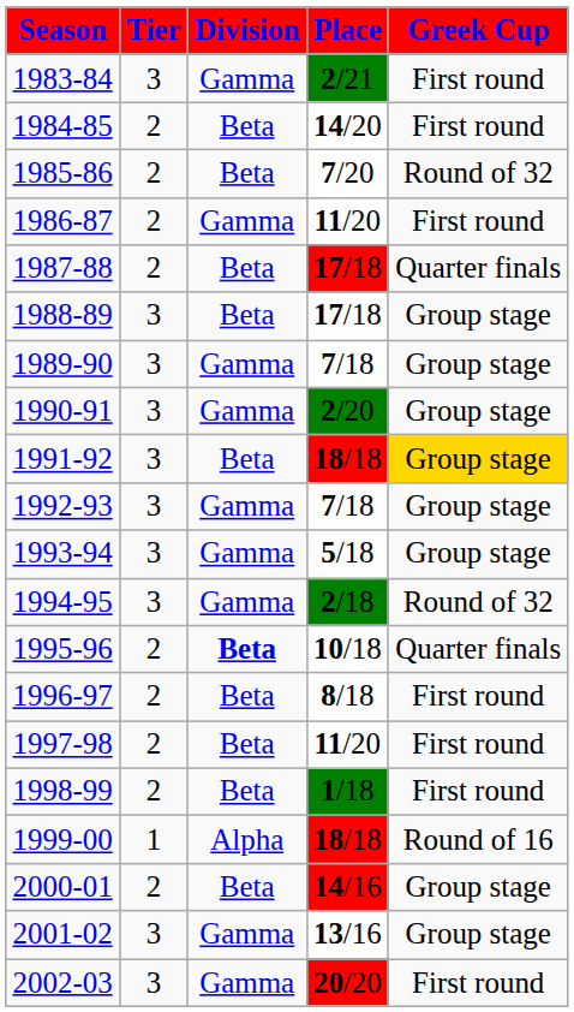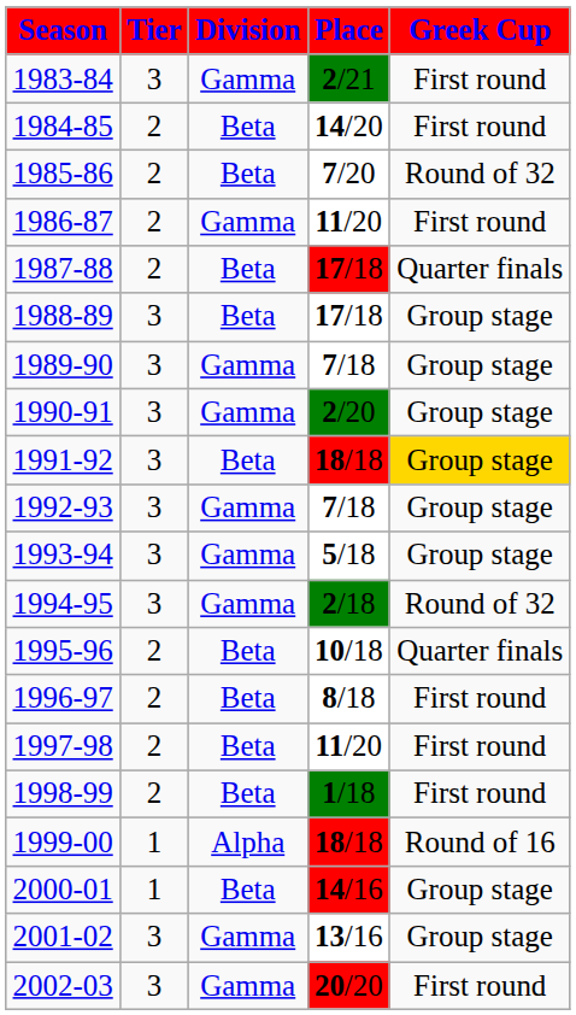 <table class="wikitable" style="text-align:center;display:inline-table;">
 <tr>
 <th style="color:blue; background:red;">Season</th>
 <th style="color:blue; background:red;">Tier</th>
 <th style="color:blue; background:red;">Division</th>
 <th style="color:blue; background:red;">Place</th>
 <th style="color:blue; background:red;">Greek Cup</th>
 </tr>
 <tr>
 <td><a href='#'>1983-84</a></td>
 <td>3</td>
 <td><a href='#'>Gamma</a></td>
 <td bgcolor=green><strong>2</strong>/21</td>
 <td>First round</td>
 </tr>
 <tr>
 <td><a href='#'>1984-85</a></td>
 <td>2</td>
 <td><a href='#'>Beta</a></td>
 <td bgcolor=white><strong>14</strong>/20</td>
 <td>First round</td>
 </tr>
 <tr>
 <td><a href='#'>1985-86</a></td>
 <td>2</td>
 <td><a href='#'>Beta</a></td>
 <td bgcolor=white><strong>7</strong>/20</td>
 <td>Round of 32</td>
 </tr>
 <tr>
 <td><a href='#'>1986-87</a></td>
 <td>2</td>
 <td><a href='#'>Gamma</a></td>
 <td bgcolor=white><strong>11</strong>/20</td>
 <td>First round</td>
 </tr>
 <tr>
 <td><a href='#'>1987-88</a></td>
 <td>2</td>
 <td><a href='#'>Beta</a></td>
 <td bgcolor=red><strong>17</strong>/18</td>
 <td>Quarter finals</td>
 </tr>
 <tr>
 <td><a href='#'>1988-89</a></td>
 <td>3</td>
 <td><a href='#'>Beta</a></td>
 <td bgcolor=white><strong>17</strong>/18</td>
 <td>Group stage</td>
 </tr>
 <tr>
 <td><a href='#'>1989-90</a></td>
 <td>3</td>
 <td><a href='#'>Gamma</a></td>
 <td bgcolor=white><strong>7</strong>/18</td>
 <td>Group stage</td>
 </tr>
 <tr>
 <td><a href='#'>1990-91</a></td>
 <td>3</td>
 <td><a href='#'>Gamma</a></td>
 <td bgcolor=green><strong>2</strong>/20</td>
 <td>Group stage</td>
 </tr>
 <tr>
 <td><a href='#'>1991-92</a></td>
 <td>3</td>
 <td><a href='#'>Beta</a></td>
 <td bgcolor=red><strong>18</strong>/18</td>
 <td style="background: gold;">Group stage</td>
 </tr>
 <tr>
 <td><a href='#'>1992-93</a></td>
 <td>3</td>
 <td><a href='#'>Gamma</a></td>
 <td bgcolor=white><strong>7</strong>/18</td>
 <td>Group stage</td>
 </tr>
 <tr>
 <td><a href='#'>1993-94</a></td>
 <td>3</td>
 <td><a href='#'>Gamma</a></td>
 <td bgcolor=white><strong>5</strong>/18</td>
 <td>Group stage</td>
 </tr>
 <tr>
 <td><a href='#'>1994-95</a></td>
 <td>3</td>
 <td><a href='#'>Gamma</a></td>
 <td bgcolor=green><strong>2</strong>/18</td>
 <td>Round of 32</td>
 </tr>
 <tr>
 <td><a href='#'>1995-96</a></td>
 <td>2</td>
-<td><strong><a href='#'>Beta</a></strong></td>
+<td><a href='#'>Beta</a></td>
 <td bgcolor=white><strong>10</strong>/18</td>
 <td>Quarter finals</td>
 </tr>
 <tr>
 <td><a href='#'>1996-97</a></td>
 <td>2</td>
 <td><a href='#'>Beta</a></td>
 <td bgcolor=white><strong>8</strong>/18</td>
 <td>First round</td>
 </tr>
 <tr>
 <td><a href='#'>1997-98</a></td>
 <td>2</td>
 <td><a href='#'>Beta</a></td>
 <td bgcolor=white><strong>11</strong>/20</td>
 <td>First round</td>
 </tr>
 <tr>
 <td><a href='#'>1998-99</a></td>
 <td>2</td>
 <td><a href='#'>Beta</a></td>
 <td bgcolor=green><strong>1</strong>/18</td>
 <td>First round</td>
 </tr>
 <tr>
 <td><a href='#'>1999-00</a></td>
 <td>1</td>
 <td><a href='#'>Alpha</a></td>
 <td bgcolor=red><strong>18</strong>/18</td>
 <td>Round of 16</td>
 </tr>
 <tr>
 <td><a href='#'>2000-01</a></td>
-<td>2</td>
+<td>1</td>
 <td><a href='#'>Beta</a></td>
 <td bgcolor=red><strong>14</strong>/16</td>
 <td>Group stage</td>
 </tr>
 <tr>
 <td><a href='#'>2001-02</a></td>
 <td>3</td>
 <td><a href='#'>Gamma</a></td>
 <td bgcolor=white><strong>13</strong>/16</td>
 <td>Group stage</td>
 </tr>
 <tr>
 <td><a href='#'>2002-03</a></td>
 <td>3</td>
 <td><a href='#'>Gamma</a></td>
 <td bgcolor=red><strong>20</strong>/20</td>
 <td>First round</td>
 </tr>
 </table>
